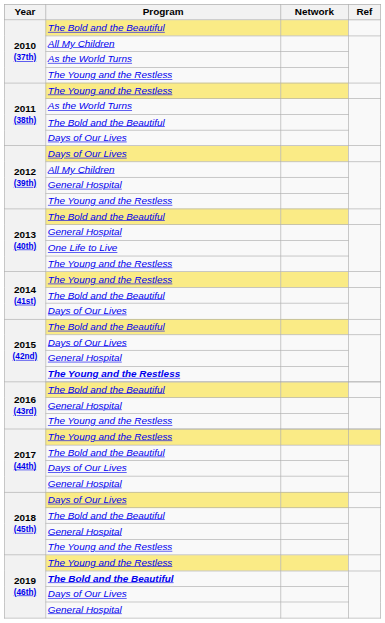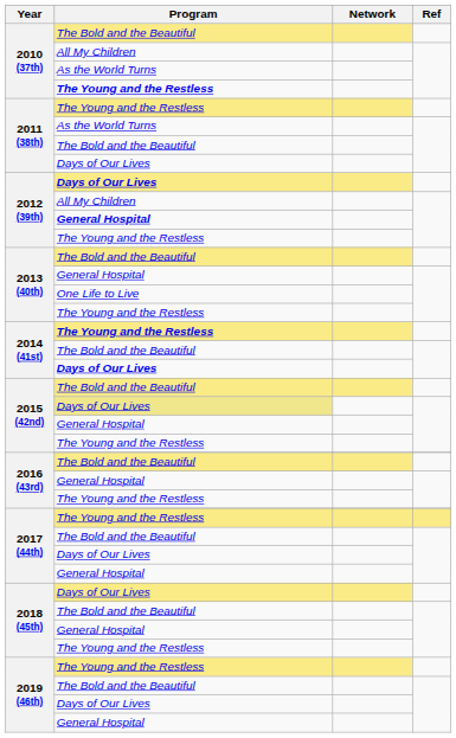 <table class="wikitable sortable">
 <tr style="background:#bebebe;">
 <th style="width:1%;" scope="col">Year</th>
 <th style="width:15%;" scope="col">Program</th>
 <th style="width:2%;" scope="col">Network</th>
 <th style="width:1%;" scope="col" class="unsortable">Ref</th>
 </tr>
 <tr>
 <th scope="row" rowspan=4 style="text-align:center">2010 <br><small><a href='#'>(37th)</a></small></th>
 <td style="background:#FAEB86"><em><a href='#'>The Bold and the Beautiful</a></em></td>
 <td style="background:#FAEB86"></td>
 <td></td>
 </tr>
 <tr>
 <td><em><a href='#'>All My Children</a></em></td>
 <td></td>
 <td rowspan=3></td>
 </tr>
 <tr>
 <td><em><a href='#'>As the World Turns</a></em></td>
 <td></td>
 </tr>
 <tr>
-<td><em><a href='#'>The Young and the Restless</a></em></td>
+<td><strong><em><a href='#'>The Young and the Restless</a></em></strong></td>
 <td></td>
 </tr>
 <tr>
 <th scope="row" rowspan=4 style="text-align:center">2011 <br><small><a href='#'>(38th)</a></small></th>
 <td style="background:#FAEB86"><em><a href='#'>The Young and the Restless</a></em></td>
 <td style="background:#FAEB86"></td>
 <td></td>
 </tr>
 <tr>
 <td><em><a href='#'>As the World Turns</a></em></td>
 <td></td>
 <td rowspan=3></td>
 </tr>
 <tr>
 <td><em><a href='#'>The Bold and the Beautiful</a></em></td>
 <td></td>
 </tr>
 <tr>
 <td><em><a href='#'>Days of Our Lives</a></em></td>
 <td></td>
 </tr>
 <tr>
 <th scope="row" rowspan=4 style="text-align:center">2012 <br><small><a href='#'>(39th)</a></small></th>
-<td style="background:#FAEB86"><em><a href='#'>Days of Our Lives</a></em></td>
+<td style="background:#FAEB86"><strong><em><a href='#'>Days of Our Lives</a></em></strong></td>
 <td style="background:#FAEB86"></td>
 <td></td>
 </tr>
 <tr>
 <td><em><a href='#'>All My Children</a></em></td>
 <td></td>
 <td rowspan=3></td>
 </tr>
 <tr>
-<td><em><a href='#'>General Hospital</a></em></td>
+<td><strong><em><a href='#'>General Hospital</a></em></strong></td>
 <td></td>
 </tr>
 <tr>
 <td><em><a href='#'>The Young and the Restless</a></em></td>
 <td></td>
 </tr>
 <tr>
 <th scope="row" rowspan=4 style="text-align:center">2013 <br><small><a href='#'>(40th)</a></small></th>
 <td style="background:#FAEB86"><em><a href='#'>The Bold and the Beautiful</a></em></td>
 <td style="background:#FAEB86"></td>
 <td></td>
 </tr>
 <tr>
 <td><em><a href='#'>General Hospital</a></em></td>
 <td></td>
 <td rowspan="3"></td>
 </tr>
 <tr>
 <td><em><a href='#'>One Life to Live</a></em></td>
 <td></td>
 </tr>
 <tr>
 <td><em><a href='#'>The Young and the Restless</a></em></td>
 <td></td>
 </tr>
 <tr>
 <th scope="row" rowspan=3 style="text-align:center">2014 <br><small><a href='#'>(41st)</a></small></th>
-<td style="background:#FAEB86"><em><a href='#'>The Young and the Restless</a></em></td>
+<td style="background:#FAEB86"><strong><em><a href='#'>The Young and the Restless</a></em></strong></td>
 <td style="background:#FAEB86"></td>
 <td></td>
 </tr>
 <tr>
 <td><em><a href='#'>The Bold and the Beautiful</a></em></td>
 <td></td>
 <td rowspan="2"></td>
 </tr>
 <tr>
-<td><em><a href='#'>Days of Our Lives</a></em></td>
+<td><strong><em><a href='#'>Days of Our Lives</a></em></strong></td>
 <td></td>
 </tr>
 <tr>
 <th scope="row" rowspan=4 style="text-align:center">2015 <br><small><a href='#'>(42nd)</a></small></th>
 <td style="background:#FAEB86"><em><a href='#'>The Bold and the Beautiful</a></em></td>
 <td style="background:#FAEB86"></td>
 <td></td>
 </tr>
 <tr>
-<td><em><a href='#'>Days of Our Lives</a></em></td>
+<td style="background: khaki;"><em><a href='#'>Days of Our Lives</a></em></td>
 <td></td>
 <td rowspan=3></td>
 </tr>
 <tr>
 <td><em><a href='#'>General Hospital</a></em></td>
 <td></td>
 </tr>
 <tr>
-<td><strong><em><a href='#'>The Young and the Restless</a></em></strong></td>
+<td><em><a href='#'>The Young and the Restless</a></em></td>
 <td></td>
 </tr>
 <tr>
 <th scope="row" rowspan=4 style="text-align:center">2016 <br><small><a href='#'>(43rd)</a></small></th>
 </tr>
 <tr>
 <td style="background:#FAEB86;text-align:left;"><em><a href='#'>The Bold and the Beautiful</a></em> </td>
 <td style="background:#FAEB86"></td>
 <td></td>
 </tr>
 <tr>
 <td style="text-align:left"><em><a href='#'>General Hospital</a></em></td>
 <td></td>
 <td rowspan=2></td>
 </tr>
 <tr>
 <td style="text-align:left"><em><a href='#'>The Young and the Restless</a></em></td>
 <td></td>
 </tr>
 <tr>
 <th scope="row" rowspan=5 style="text-align:center">2017 <br><small><a href='#'>(44th)</a></small></th>
 </tr>
 <tr style="background:#FAEB86">
 <td style="background:#FAEB86;text-align:left;"><em><a href='#'>The Young and the Restless</a></em> </td>
 <td style="background:#FAEB86"></td>
 <td></td>
 </tr>
 <tr>
 <td><em><a href='#'>The Bold and the Beautiful</a></em></td>
 <td></td>
 <td rowspan=3></td>
 </tr>
 <tr>
 <td><em><a href='#'>Days of Our Lives</a></em></td>
 <td></td>
 </tr>
 <tr>
 <td><em><a href='#'>General Hospital</a></em></td>
 <td></td>
 </tr>
 <tr>
 <th scope="row" rowspan=4 style="text-align:center">2018 <br><small><a href='#'>(45th)</a></small></th>
 <td style="background:#FAEB86;text-align:left;"><em><a href='#'>Days of Our Lives</a></em> </td>
 <td style="background:#FAEB86"></td>
 <td></td>
 </tr>
 <tr>
 <td><em><a href='#'>The Bold and the Beautiful</a></em></td>
 <td></td>
 <td rowspan=3></td>
 </tr>
 <tr>
 <td><em><a href='#'>General Hospital</a></em></td>
 <td></td>
 </tr>
 <tr>
 <td><em><a href='#'>The Young and the Restless</a></em></td>
 <td></td>
 </tr>
 <tr>
 <th scope="row" rowspan=4 style="text-align:center">2019 <br><small><a href='#'>(46th)</a></small></th>
 <td style="background:#FAEB86;text-align:left;"><em><a href='#'>The Young and the Restless</a></em></td>
 <td style="background:#FAEB86"></td>
 <td></td>
 </tr>
 <tr>
-<td><strong><em><a href='#'>The Bold and the Beautiful</a></em></strong></td>
+<td><em><a href='#'>The Bold and the Beautiful</a></em></td>
 <td></td>
 <td rowspan=3></td>
 </tr>
 <tr>
 <td><em><a href='#'>Days of Our Lives</a></em></td>
 <td></td>
 </tr>
 <tr>
 <td><em><a href='#'>General Hospital</a></em></td>
 <td></td>
 </tr>
 </table>
